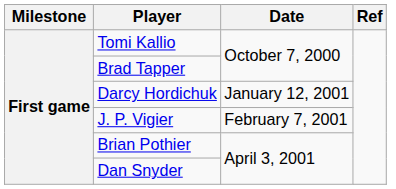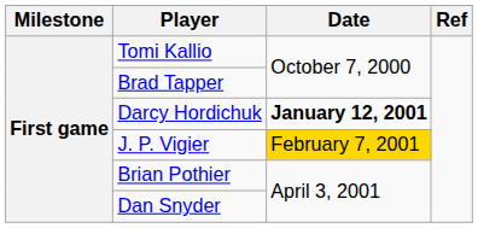 <table class="wikitable">
 <tr>
 <th scope="col">Milestone</th>
 <th scope="col">Player</th>
 <th scope="col">Date</th>
 <th scope="col">Ref</th>
 </tr>
 <tr>
 <th rowspan=6>First game</th>
 <td><a href='#'>Tomi Kallio</a></td>
 <td rowspan=2>October 7, 2000</td>
 <td rowspan=6></td>
 </tr>
 <tr>
 <td><a href='#'>Brad Tapper</a></td>
 </tr>
 <tr>
 <td><a href='#'>Darcy Hordichuk</a></td>
-<td>January 12, 2001</td>
+<td><strong>January 12, 2001</strong></td>
 </tr>
 <tr>
 <td><a href='#'>J. P. Vigier</a></td>
-<td>February 7, 2001</td>
+<td style="background: gold;">February 7, 2001</td>
 </tr>
 <tr>
 <td><a href='#'>Brian Pothier</a></td>
 <td rowspan=2>April 3, 2001</td>
 </tr>
 <tr>
 <td><a href='#'>Dan Snyder</a></td>
 </tr>
 </table>
